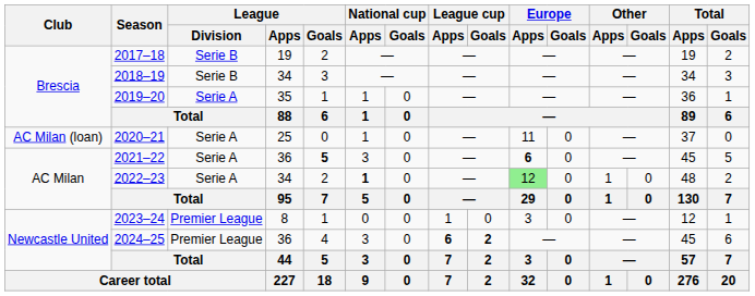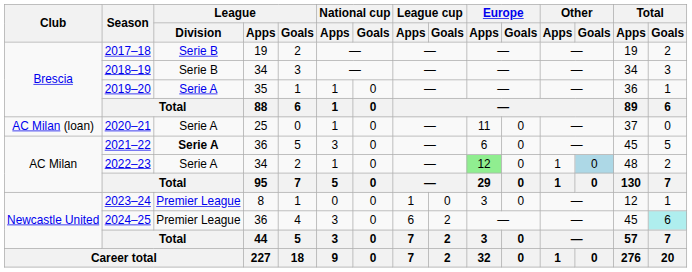 <table class="wikitable" style="text-align: center">
 <tr>
 <th rowspan="2">Club</th>
 <th rowspan="2">Season</th>
 <th colspan="3">League</th>
 <th colspan="2">National cup</th>
 <th colspan="2">League cup</th>
 <th colspan="2"><a href='#'>Europe</a></th>
 <th colspan="2">Other</th>
 <th colspan="2">Total</th>
 </tr>
 <tr>
 <th>Division</th>
 <th>Apps</th>
 <th>Goals</th>
 <th>Apps</th>
 <th>Goals</th>
 <th>Apps</th>
 <th>Goals</th>
 <th>Apps</th>
 <th>Goals</th>
 <th>Apps</th>
 <th>Goals</th>
 <th>Apps</th>
 <th>Goals</th>
 </tr>
 <tr>
 <td rowspan="4"><a href='#'>Brescia</a></td>
 <td><a href='#'>2017–18</a></td>
 <td><a href='#'>Serie B</a></td>
 <td>19</td>
 <td>2</td>
 <td colspan="2">—</td>
 <td colspan="2">—</td>
 <td colspan="2">—</td>
 <td colspan="2">—</td>
 <td>19</td>
 <td>2</td>
 </tr>
 <tr>
 <td><a href='#'>2018–19</a></td>
 <td>Serie B</td>
 <td>34</td>
 <td>3</td>
 <td colspan="2">—</td>
 <td colspan="2">—</td>
 <td colspan="2">—</td>
 <td colspan="2">—</td>
 <td>34</td>
 <td>3</td>
 </tr>
 <tr>
 <td><a href='#'>2019–20</a></td>
 <td><a href='#'>Serie A</a></td>
 <td>35</td>
 <td>1</td>
 <td>1</td>
 <td>0</td>
 <td colspan="2">—</td>
 <td colspan="2">—</td>
 <td colspan="2">—</td>
 <td>36</td>
 <td>1</td>
 </tr>
 <tr>
 <th colspan="2">Total</th>
 <th>88</th>
 <th>6</th>
 <th>1</th>
 <th>0</th>
 <th colspan="6">—</th>
 <th>89</th>
 <th>6</th>
 </tr>
 <tr>
 <td><a href='#'>AC Milan</a> (loan)</td>
 <td><a href='#'>2020–21</a></td>
 <td>Serie A</td>
 <td>25</td>
 <td>0</td>
 <td>1</td>
 <td>0</td>
 <td colspan="2">—</td>
 <td>11</td>
 <td>0</td>
 <td colspan="2">—</td>
 <td>37</td>
 <td>0</td>
 </tr>
 <tr>
 <td rowspan="3">AC Milan</td>
 <td><a href='#'>2021–22</a></td>
-<td>Serie A</td>
+<td><strong>Serie A</strong></td>
 <td>36</td>
-<td><strong>5</strong></td>
+<td>5</td>
 <td>3</td>
 <td>0</td>
 <td colspan="2">—</td>
-<td><strong>6</strong></td>
+<td>6</td>
 <td>0</td>
 <td colspan="2">—</td>
 <td>45</td>
 <td>5</td>
 </tr>
 <tr>
 <td><a href='#'>2022–23</a></td>
 <td>Serie A</td>
 <td>34</td>
 <td>2</td>
-<td><strong>1</strong></td>
+<td>1</td>
 <td>0</td>
 <td colspan="2">—</td>
 <td style="background: lightgreen;">12</td>
 <td>0</td>
 <td>1</td>
-<td>0</td>
+<td style="background: lightblue;">0</td>
 <td>48</td>
 <td>2</td>
 </tr>
 <tr>
 <th colspan="2">Total</th>
 <th>95</th>
 <th>7</th>
 <th>5</th>
 <th>0</th>
 <th colspan="2">—</th>
 <th>29</th>
 <th>0</th>
 <th>1</th>
 <th>0</th>
 <th>130</th>
 <th>7</th>
 </tr>
 <tr>
 <td rowspan="3"><a href='#'>Newcastle United</a></td>
 <td><a href='#'>2023–24</a></td>
 <td><a href='#'>Premier League</a></td>
 <td>8</td>
 <td>1</td>
 <td>0</td>
 <td>0</td>
 <td>1</td>
 <td>0</td>
 <td>3</td>
 <td>0</td>
 <td colspan="2">—</td>
 <td>12</td>
 <td>1</td>
 </tr>
 <tr>
 <td><a href='#'>2024–25</a></td>
 <td>Premier League</td>
 <td>36</td>
 <td>4</td>
 <td>3</td>
 <td>0</td>
-<td><strong>6</strong></td>
-<td><strong>2</strong></td>
+<td>6</td>
+<td>2</td>
 <td colspan="2">—</td>
 <td colspan="2">—</td>
 <td>45</td>
-<td>6</td>
+<td style="background: paleturquoise;">6</td>
 </tr>
 <tr>
 <th colspan="2">Total</th>
 <th>44</th>
 <th>5</th>
 <th>3</th>
 <th>0</th>
 <th>7</th>
 <th>2</th>
 <th>3</th>
 <th>0</th>
 <th colspan="2">—</th>
 <th>57</th>
 <th>7</th>
 </tr>
 <tr>
 <th colspan="3">Career total</th>
 <th>227</th>
 <th>18</th>
 <th>9</th>
 <th>0</th>
 <th>7</th>
 <th>2</th>
 <th>32</th>
 <th>0</th>
 <th>1</th>
 <th>0</th>
 <th>276</th>
 <th>20</th>
 </tr>
 </table>
